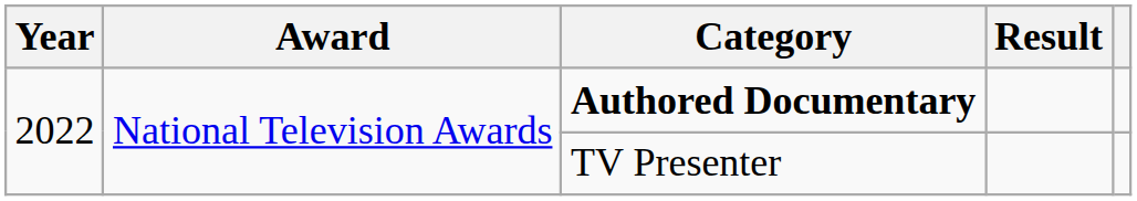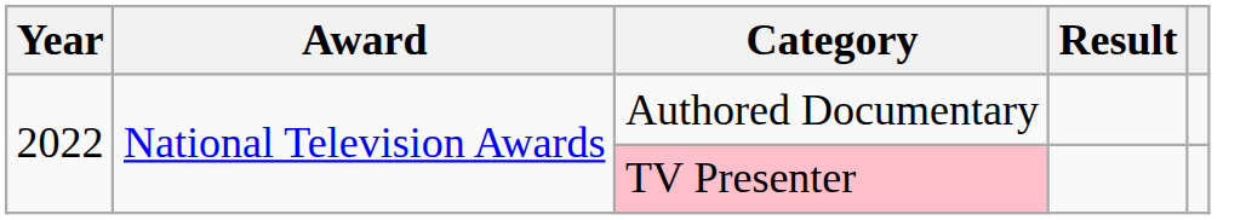 <table class="wikitable">
 <tr>
 <th>Year</th>
 <th>Award</th>
 <th>Category</th>
 <th>Result</th>
 <th></th>
 </tr>
 <tr>
 <td rowspan="2">2022</td>
 <td rowspan="2"><a href='#'>National Television Awards</a></td>
-<td><strong>Authored Documentary</strong></td>
+<td>Authored Documentary</td>
 <td></td>
 <td align="center"></td>
 </tr>
 <tr>
-<td>TV Presenter</td>
+<td style="background: pink;">TV Presenter</td>
 <td></td>
 <td align="center"></td>
 </tr>
 </table>
